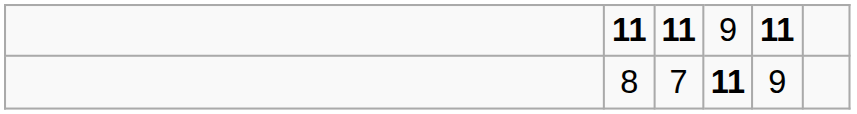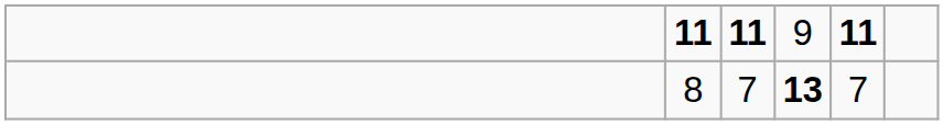 <table class="wikitable">
 <tr>
 <td style="width:18em"></td>
 <td align=center style="width:1em"><strong>11</strong></td>
 <td align=center style="width:1em"><strong>11</strong></td>
 <td align=center style="width:1em">9</td>
 <td align=center style="width:1em"><strong>11</strong></td>
 <td align=center style="width:1em"></td>
 </tr>
 <tr>
 <td style="width:18em"></td>
 <td align=center style="width:1em">8</td>
 <td align=center style="width:1em">7</td>
-<td align=center style="width:1em"><strong>11</strong></td>
-<td align=center style="width:1em">9</td>
+<td align=center style="width:1em"><strong>13</strong></td>
+<td align=center style="width:1em">7</td>
 <td align=center style="width:1em"></td>
 </tr>
 </table>
